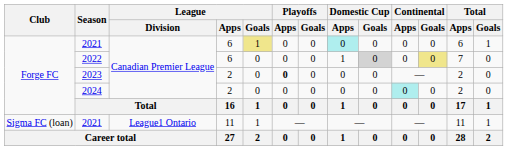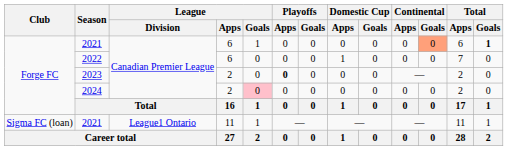 <table class="wikitable" style="text-align:center">
 <tr>
 <th rowspan="2">Club</th>
 <th rowspan="2">Season</th>
 <th colspan="3">League</th>
 <th colspan="2">Playoffs</th>
 <th colspan="2">Domestic Cup</th>
 <th colspan="2">Continental</th>
 <th colspan="2">Total</th>
 </tr>
 <tr>
 <th>Division</th>
 <th>Apps</th>
 <th>Goals</th>
 <th>Apps</th>
 <th>Goals</th>
 <th>Apps</th>
 <th>Goals</th>
 <th>Apps</th>
 <th>Goals</th>
 <th>Apps</th>
 <th>Goals</th>
 </tr>
 <tr>
 <td rowspan=5><a href='#'>Forge FC</a></td>
 <td><a href='#'>2021</a></td>
 <td rowspan=4><a href='#'>Canadian Premier League</a></td>
 <td>6</td>
-<td style="background: khaki;">1</td>
-<td>0</td>
-<td>0</td>
-<td style="background: paleturquoise;">0</td>
+<td>1</td>
 <td>0</td>
 <td>0</td>
 <td>0</td>
+<td>0</td>
+<td>0</td>
+<td style="background: lightsalmon;">0</td>
 <td>6</td>
-<td>1</td>
+<td><strong>1</strong></td>
 </tr>
 <tr>
 <td><a href='#'>2022</a></td>
 <td>6</td>
 <td>0</td>
 <td>0</td>
 <td>0</td>
 <td>1</td>
-<td style="background: lightgrey;">0</td>
 <td>0</td>
-<td style="background: khaki;">0</td>
+<td>0</td>
+<td>0</td>
 <td>7</td>
 <td>0</td>
 </tr>
 <tr>
 <td><a href='#'>2023</a></td>
 <td>2</td>
 <td>0</td>
 <td><strong>0</strong></td>
 <td>0</td>
 <td>0</td>
 <td>0</td>
 <td colspan=2>—</td>
 <td>2</td>
 <td>0</td>
 </tr>
 <tr>
 <td><a href='#'>2024</a></td>
 <td>2</td>
+<td style="background: pink;">0</td>
 <td>0</td>
 <td>0</td>
 <td>0</td>
 <td>0</td>
 <td>0</td>
-<td style="background: paleturquoise;">0</td>
 <td>0</td>
 <td>2</td>
 <td>0</td>
 </tr>
 <tr>
 <th colspan="2">Total</th>
 <th>16</th>
 <th>1</th>
 <th>0</th>
 <th>0</th>
 <th>1</th>
 <th>0</th>
 <th>0</th>
 <th>0</th>
 <th>17</th>
 <th>1</th>
 </tr>
 <tr>
 <td><a href='#'>Sigma FC</a> (loan)</td>
 <td><a href='#'>2021</a></td>
 <td><a href='#'>League1 Ontario</a></td>
 <td>11</td>
 <td>1</td>
 <td colspan=2>—</td>
 <td colspan=2>—</td>
 <td colspan=2>—</td>
 <td>11</td>
 <td>1</td>
 </tr>
 <tr>
 <th colspan="3">Career total</th>
 <th>27</th>
 <th>2</th>
 <th>0</th>
 <th>0</th>
 <th>1</th>
 <th>0</th>
 <th>0</th>
 <th>0</th>
 <th>28</th>
 <th>2</th>
 </tr>
 </table>
